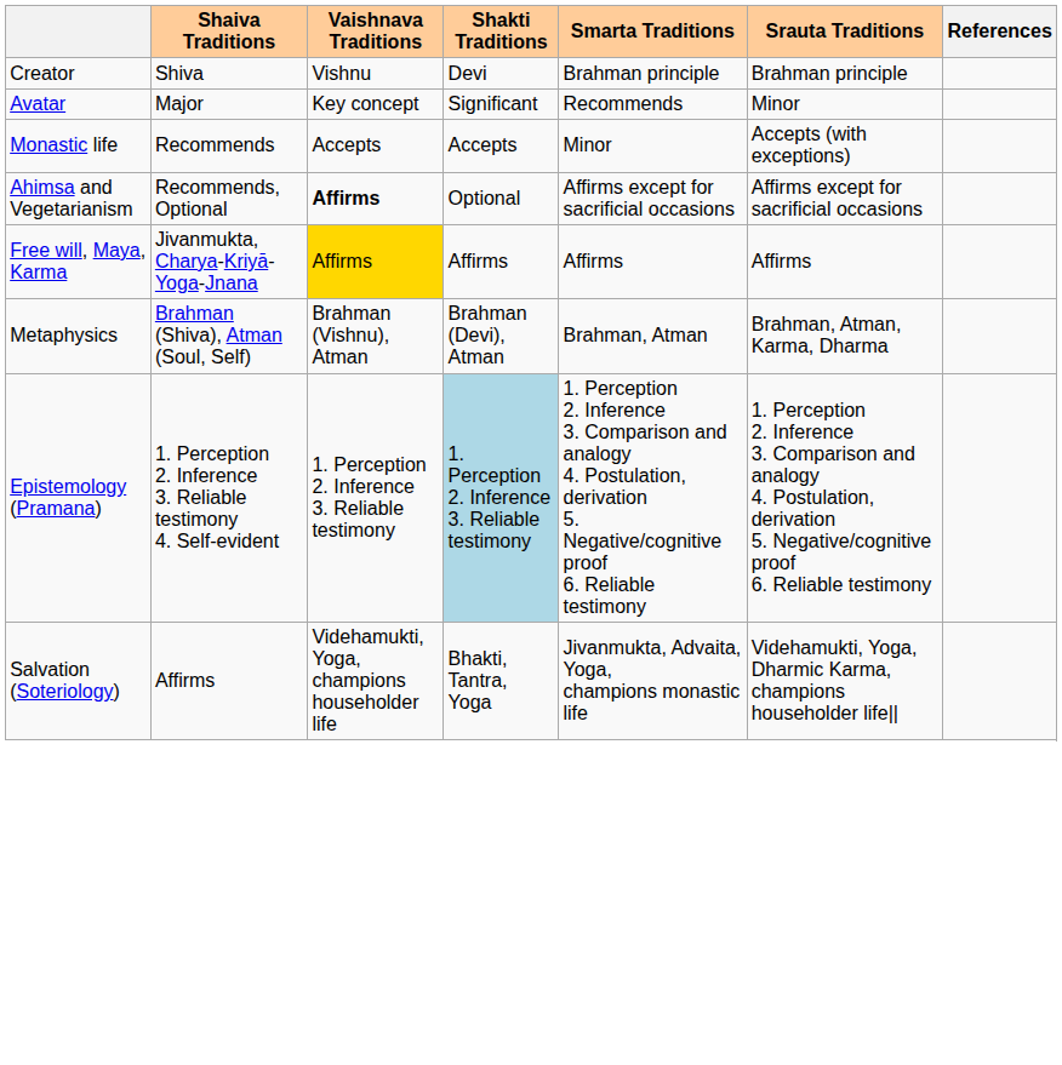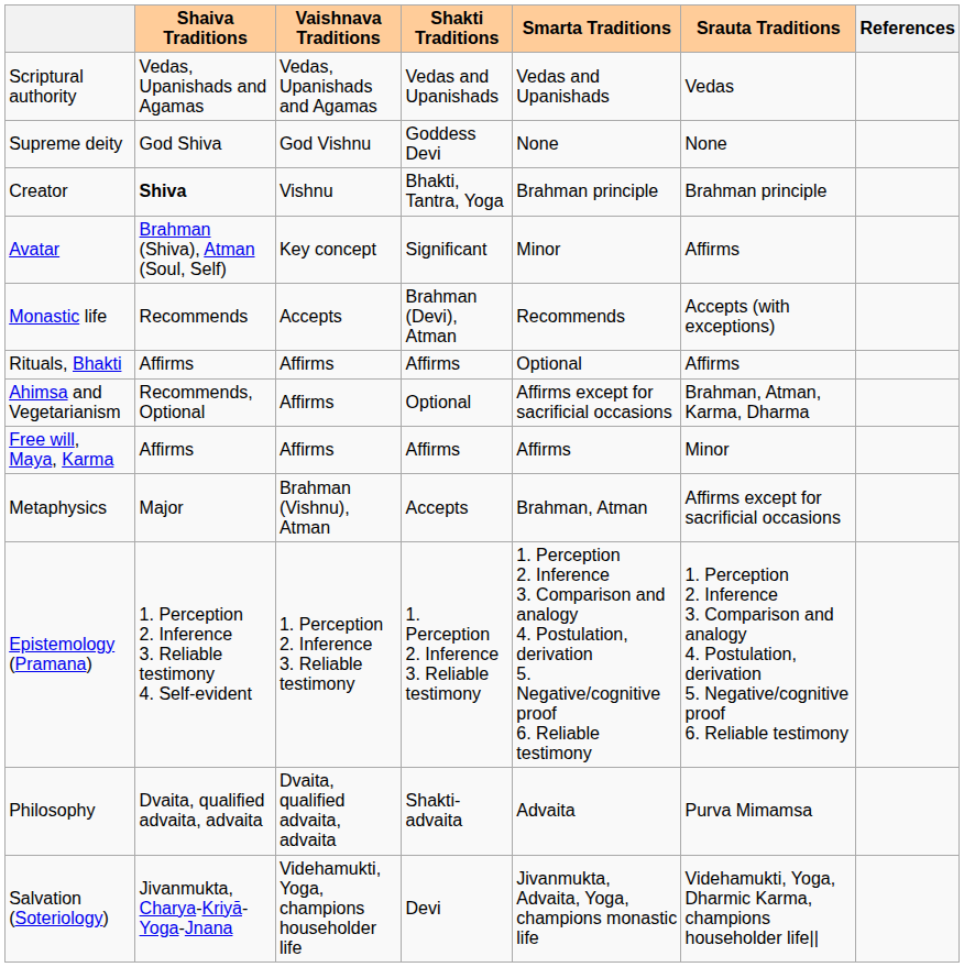 <table class="wikitable sortable">
 <tr>
 <th></th>
 <th style="background: #ffcc99;">Shaiva Traditions</th>
 <th style="background: #ffcc99;">Vaishnava Traditions</th>
 <th style="background: #ffcc99;">Shakti Traditions</th>
 <th style="background: #ffcc99;">Smarta Traditions</th>
 <th style="background: #ffcc99;">Srauta Traditions</th>
 <th>References</th>
 </tr>
 <tr>
+<td>Scriptural authority</td>
+<td>Vedas, Upanishads and Agamas</td>
+<td>Vedas, Upanishads and Agamas</td>
+<td>Vedas and Upanishads</td>
+<td>Vedas and Upanishads</td>
+<td>Vedas</td>
+<td></td>
+</tr>
+<tr>
+<td>Supreme deity</td>
+<td>God Shiva</td>
+<td>God Vishnu</td>
+<td>Goddess Devi</td>
+<td>None</td>
+<td>None</td>
+<td></td>
+</tr>
+<tr>
 <td>Creator</td>
-<td>Shiva</td>
+<td><strong>Shiva</strong></td>
 <td>Vishnu</td>
-<td>Devi</td>
+<td>Bhakti, Tantra, Yoga</td>
 <td>Brahman principle</td>
 <td>Brahman principle</td>
 <td></td>
 </tr>
 <tr>
 <td><a href='#'>Avatar</a></td>
-<td>Major</td>
+<td><a href='#'>Brahman</a> (Shiva), <a href='#'>Atman</a> (Soul, Self)</td>
 <td>Key concept</td>
 <td>Significant</td>
-<td>Recommends</td>
 <td>Minor</td>
+<td>Affirms</td>
 <td></td>
 </tr>
 <tr>
 <td><a href='#'>Monastic</a> life</td>
 <td>Recommends</td>
 <td>Accepts</td>
-<td>Accepts</td>
-<td>Minor</td>
+<td>Brahman (Devi), Atman</td>
+<td>Recommends</td>
 <td>Accepts (with exceptions)</td>
+<td></td>
+</tr>
+<tr>
+<td>Rituals, <a href='#'>Bhakti</a></td>
+<td>Affirms</td>
+<td>Affirms</td>
+<td>Affirms</td>
+<td>Optional</td>
+<td>Affirms</td>
 <td></td>
 </tr>
 <tr>
 <td><a href='#'>Ahimsa</a> and Vegetarianism</td>
 <td>Recommends, Optional</td>
-<td><strong>Affirms</strong></td>
+<td>Affirms</td>
 <td>Optional</td>
 <td>Affirms except for sacrificial occasions</td>
-<td>Affirms except for sacrificial occasions</td>
+<td>Brahman, Atman,<br>Karma, Dharma</td>
 <td></td>
 </tr>
 <tr>
 <td><a href='#'>Free will</a>, <a href='#'>Maya</a>, <a href='#'>Karma</a></td>
-<td>Jivanmukta,<br><a href='#'>Charya</a>-<a href='#'>Kriyā</a>-<a href='#'>Yoga</a>-<a href='#'>Jnana</a></td>
-<td style="background: gold;">Affirms</td>
 <td>Affirms</td>
 <td>Affirms</td>
 <td>Affirms</td>
+<td>Affirms</td>
+<td>Minor</td>
 <td></td>
 </tr>
 <tr>
 <td>Metaphysics</td>
-<td><a href='#'>Brahman</a> (Shiva), <a href='#'>Atman</a> (Soul, Self)</td>
+<td>Major</td>
 <td>Brahman (Vishnu), Atman</td>
-<td>Brahman (Devi), Atman</td>
+<td>Accepts</td>
 <td>Brahman, Atman</td>
-<td>Brahman, Atman,<br>Karma, Dharma</td>
+<td>Affirms except for sacrificial occasions</td>
 <td></td>
 </tr>
 <tr>
 <td><a href='#'>Epistemology</a><br>(<a href='#'>Pramana</a>)</td>
 <td>1. Perception<br>2. Inference<br>3. Reliable testimony<br>4. Self-evident</td>
 <td>1. Perception<br>2. Inference<br>3. Reliable testimony</td>
-<td style="background: lightblue;">1. Perception<br>2. Inference<br>3. Reliable testimony</td>
+<td>1. Perception<br>2. Inference<br>3. Reliable testimony</td>
 <td>1. Perception<br>2. Inference<br>3. Comparison and analogy<br>4. Postulation, derivation<br>5. Negative/cognitive proof<br>6. Reliable testimony</td>
 <td>1. Perception<br>2. Inference<br>3. Comparison and analogy<br>4. Postulation, derivation<br>5. Negative/cognitive proof<br>6. Reliable testimony</td>
 <td></td>
 </tr>
 <tr>
+<td>Philosophy</td>
+<td>Dvaita, qualified advaita, advaita</td>
+<td>Dvaita, qualified advaita, advaita</td>
+<td>Shakti-advaita</td>
+<td>Advaita</td>
+<td>Purva Mimamsa</td>
+<td></td>
+</tr>
+<tr>
 <td>Salvation<br>(<a href='#'>Soteriology</a>)</td>
-<td>Affirms</td>
+<td>Jivanmukta,<br><a href='#'>Charya</a>-<a href='#'>Kriyā</a>-<a href='#'>Yoga</a>-<a href='#'>Jnana</a></td>
 <td>Videhamukti, Yoga,<br>champions householder life</td>
-<td>Bhakti, Tantra, Yoga</td>
+<td>Devi</td>
 <td>Jivanmukta, Advaita, Yoga,<br>champions monastic life</td>
 <td>Videhamukti, Yoga,<br>Dharmic Karma,  champions householder life||</td>
 </tr>
 <tr>
 </tr>
 </table>
